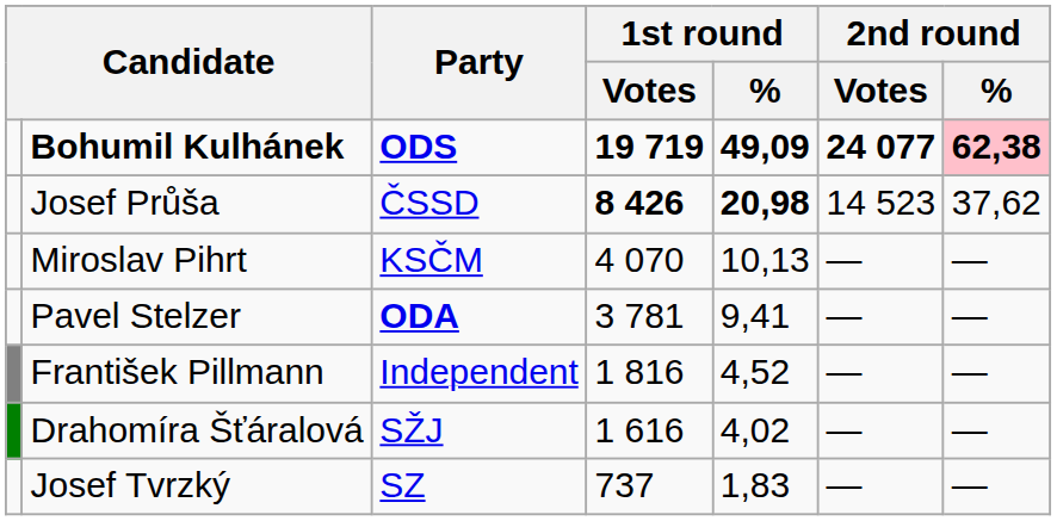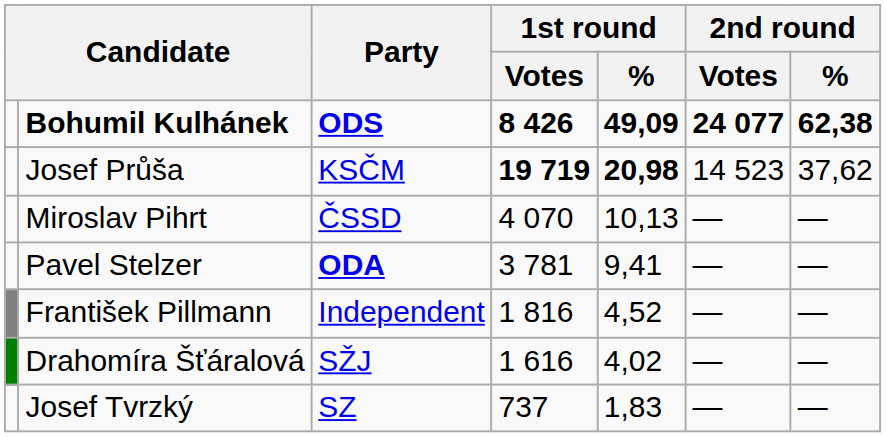 <table class="wikitable sortable">
 <tr>
 <th colspan="2" rowspan="2">Candidate</th>
 <th rowspan="2">Party</th>
 <th colspan="2">1st round</th>
 <th colspan="2">2nd round</th>
 </tr>
 <tr>
 <th>Votes</th>
 <th>%</th>
 <th>Votes</th>
 <th>%</th>
 </tr>
 <tr>
 <td style="background-color:"></td>
 <td><strong>Bohumil Kulhánek</strong></td>
 <td><a href='#'><strong>ODS</strong></a></td>
-<td><strong>19 719</strong></td>
+<td><strong>8 426</strong></td>
 <td><strong>49,09</strong></td>
 <td><strong>24 077</strong></td>
-<td style="background: pink;"><strong>62,38</strong></td>
+<td><strong>62,38</strong></td>
 </tr>
 <tr>
 <td style="background-color:"></td>
 <td>Josef Průša</td>
-<td><a href='#'>ČSSD</a></td>
-<td><strong>8 426</strong></td>
+<td><a href='#'>KSČM</a></td>
+<td><strong>19 719</strong></td>
 <td><strong>20,98</strong></td>
 <td>14 523</td>
 <td>37,62</td>
 </tr>
 <tr>
 <td style="background-color:"></td>
 <td>Miroslav Pihrt</td>
-<td><a href='#'>KSČM</a></td>
+<td><a href='#'>ČSSD</a></td>
 <td>4 070</td>
 <td>10,13</td>
 <td>—</td>
 <td>—</td>
 </tr>
 <tr>
 <td style="background-color:"></td>
 <td>Pavel Stelzer</td>
 <td><strong><a href='#'>ODA</a></strong></td>
 <td>3 781</td>
 <td>9,41</td>
 <td>—</td>
 <td>—</td>
 </tr>
 <tr>
 <td style="background-color:gray;"></td>
 <td>František Pillmann</td>
 <td><a href='#'>Independent</a></td>
 <td>1 816</td>
 <td>4,52</td>
 <td>—</td>
 <td>—</td>
 </tr>
 <tr>
 <td style="background-color:green;"></td>
 <td>Drahomíra Šťáralová</td>
 <td><a href='#'>SŽJ</a></td>
 <td>1 616</td>
 <td>4,02</td>
 <td>—</td>
 <td>—</td>
 </tr>
 <tr>
 <td style="background-color:"></td>
 <td>Josef Tvrzký</td>
 <td><a href='#'>SZ</a></td>
 <td>737</td>
 <td>1,83</td>
 <td>—</td>
 <td>—</td>
 </tr>
 </table>
